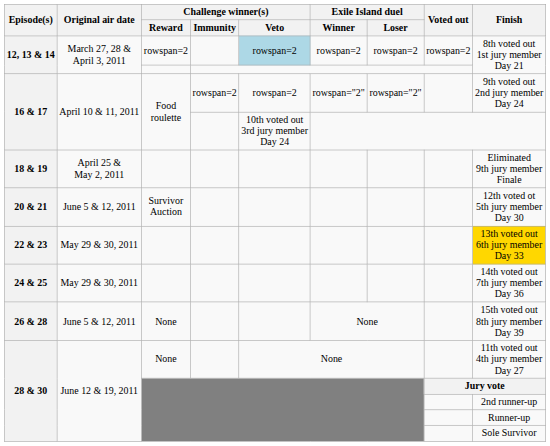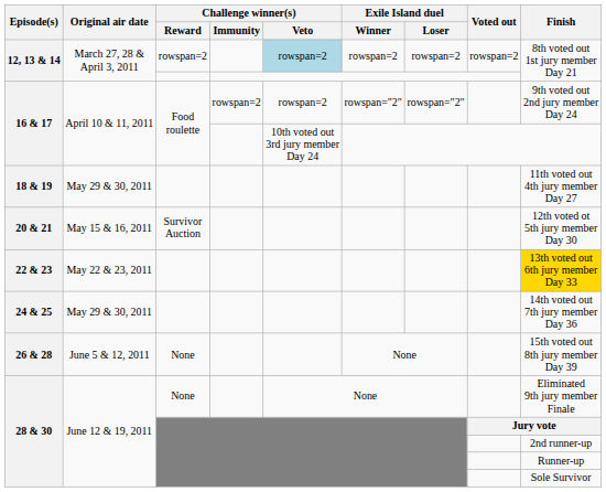 <table class="wikitable nowrap" style="margin:auto;text-align:center">
 <tr>
 <th rowspan="2">Episode(s)</th>
 <th rowspan="2">Original air date</th>
 <th colspan="3">Challenge winner(s)</th>
 <th colspan="2">Exile Island duel</th>
 <th rowspan="2">Voted out</th>
 <th rowspan="2">Finish</th>
 </tr>
 <tr>
 <th>Reward</th>
 <th>Immunity</th>
 <th>Veto</th>
 <th>Winner</th>
 <th>Loser</th>
 </tr>
 <tr>
 <th rowspan="2">12, 13 & 14</th>
 <td rowspan="2">March 27, 28 &<br>April 3, 2011</td>
 <td>rowspan=2 </td>
 <td></td>
 <td style="background: lightblue;">rowspan=2  </td>
 <td>rowspan=2  </td>
 <td>rowspan=2  </td>
 <td>rowspan=2  </td>
 <td rowspan=2>8th voted out<br>1st jury member<br>Day 21</td>
 </tr>
 <tr>
 <td></td>
 </tr>
 <tr>
 <th rowspan="2">16 & 17</th>
 <td rowspan=2>April 10 & 11, 2011</td>
 <td rowspan="2">Food<br>roulette</td>
 <td>rowspan=2 </td>
 <td>rowspan=2 </td>
 <td>rowspan="2" </td>
 <td>rowspan="2" </td>
 <td></td>
 <td>9th voted out<br>2nd jury member<br>Day 24</td>
 </tr>
 <tr>
 <td></td>
 <td>10th voted out<br>3rd jury member<br>Day 24</td>
 </tr>
 <tr>
 <th>18 & 19</th>
-<td>April 25 &<br>May 2, 2011</td>
+<td>May 29 & 30, 2011</td>
 <td></td>
 <td></td>
 <td></td>
 <td></td>
 <td></td>
 <td></td>
-<td>Eliminated<br>9th jury member<br>Finale</td>
+<td>11th voted out<br>4th jury member<br>Day 27</td>
 </tr>
 <tr>
 <th>20 & 21</th>
-<td>June 5 & 12, 2011</td>
+<td>May 15 & 16, 2011</td>
 <td>Survivor <br> Auction</td>
 <td></td>
 <td></td>
 <td></td>
 <td></td>
 <td></td>
 <td>12th voted ot<br>5th jury member<br>Day 30</td>
 </tr>
 <tr>
 <th>22 & 23</th>
-<td>May 29 & 30, 2011</td>
+<td>May 22 & 23, 2011</td>
 <td></td>
 <td></td>
 <td></td>
 <td></td>
 <td></td>
 <td></td>
 <td style="background: gold;">13th voted out<br>6th jury member<br>Day 33</td>
 </tr>
 <tr>
 <th>24 & 25</th>
 <td>May 29 & 30, 2011</td>
 <td></td>
 <td></td>
 <td></td>
 <td></td>
 <td></td>
 <td></td>
 <td>14th voted out<br>7th jury member<br>Day 36</td>
 </tr>
 <tr>
 <th>26 & 28</th>
 <td>June 5 & 12, 2011</td>
 <td style="text-align:center">None</td>
 <td></td>
 <td></td>
 <td colspan="2" style="text-align:center">None</td>
 <td></td>
 <td>15th voted out<br>8th jury member<br>Day 39</td>
 </tr>
 <tr>
 <th rowspan="5">28 & 30</th>
 <td rowspan="5">June 12 & 19, 2011</td>
 <td>None</td>
 <td></td>
 <td colspan="3">None</td>
 <td></td>
-<td>11th voted out<br>4th jury member<br>Day 27</td>
+<td>Eliminated<br>9th jury member<br>Finale</td>
 </tr>
 <tr>
 <td rowspan="4" colspan="5" bgcolor="grey"></td>
 <th colspan="3">Jury vote</th>
 </tr>
 <tr>
 <td></td>
 <td>2nd runner-up</td>
 </tr>
 <tr>
 <td></td>
 <td>Runner-up</td>
 </tr>
 <tr>
 <td></td>
 <td>Sole Survivor</td>
 </tr>
 </table>
